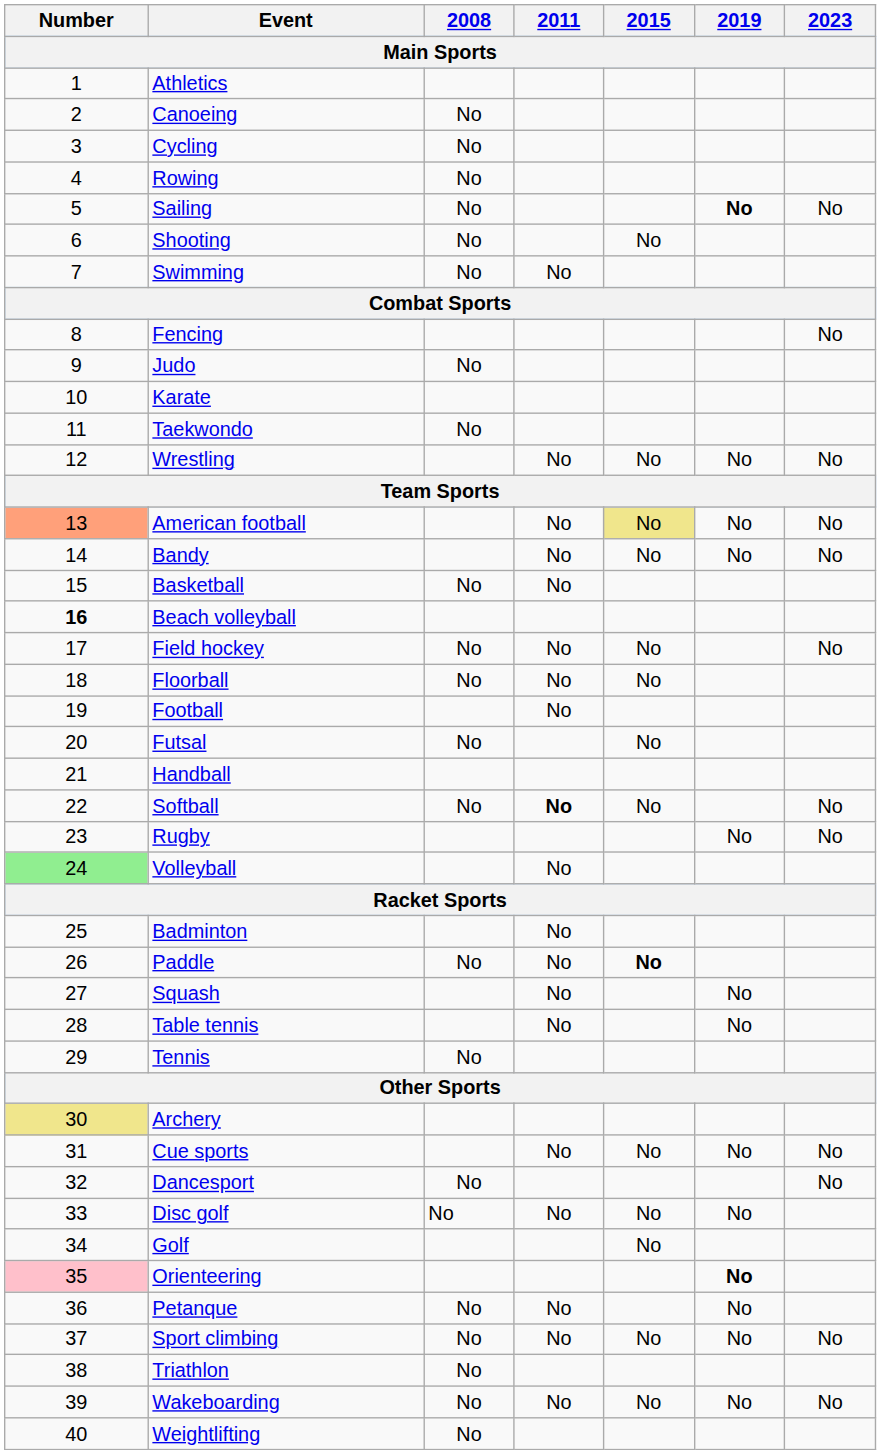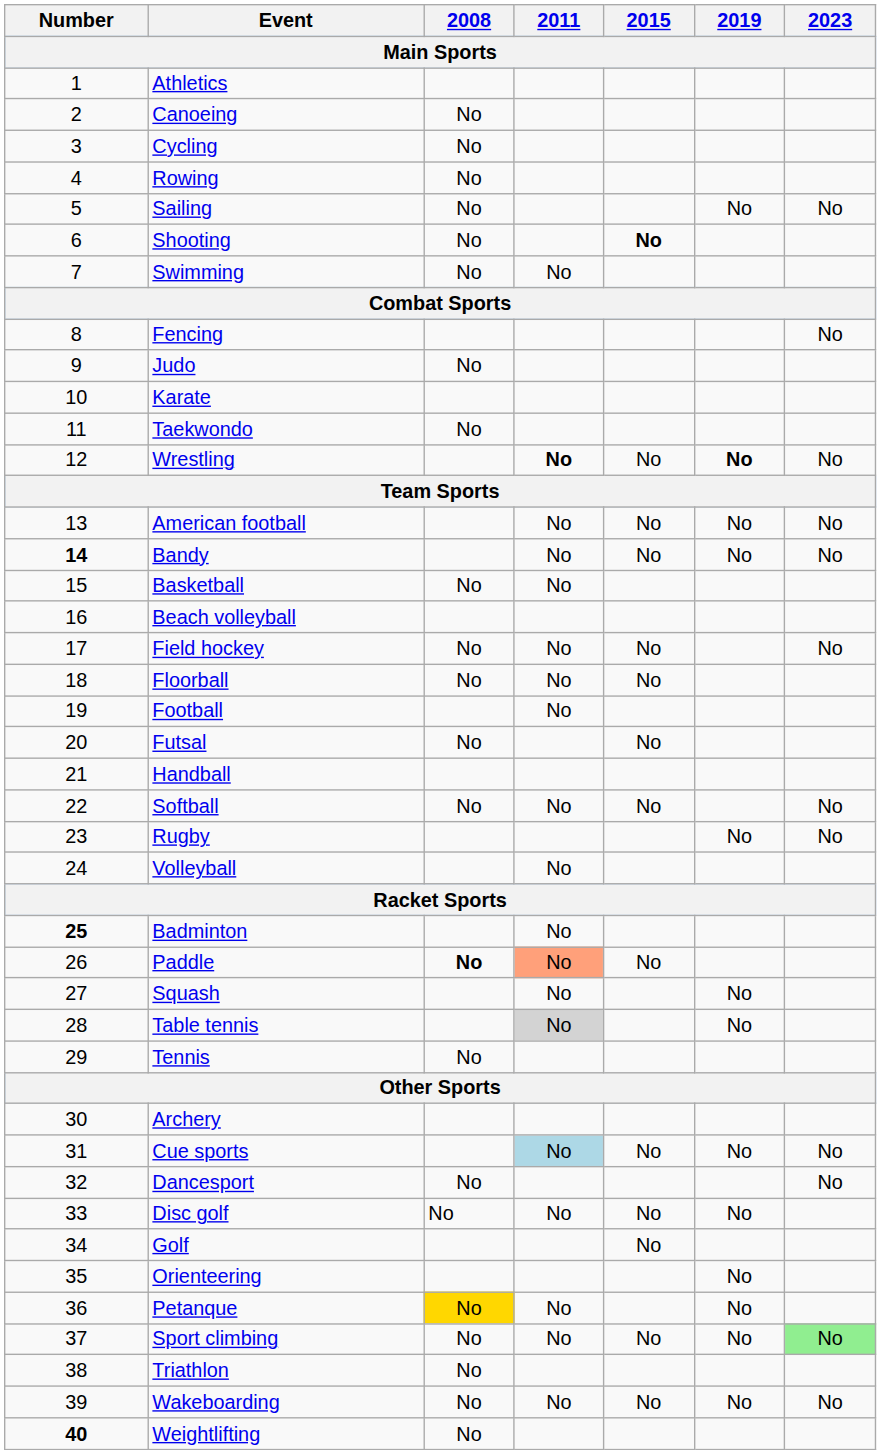 <table class="wikitable sortable" width=50% style="font-size:90%; text-align:left;">
 <tr>
 <th>Number</th>
 <th>Event</th>
 <th><a href='#'>2008</a></th>
 <th><a href='#'>2011</a></th>
 <th><a href='#'>2015</a></th>
 <th><a href='#'>2019</a></th>
 <th><a href='#'>2023</a></th>
 </tr>
 <tr style="background:#9acdff;">
 <th colspan=7>Main Sports</th>
 </tr>
 <tr>
 <td align=center>1</td>
 <td><a href='#'>Athletics</a></td>
 <td></td>
 <td></td>
 <td></td>
 <td></td>
 <td></td>
 </tr>
 <tr>
 <td align=center>2</td>
 <td><a href='#'>Canoeing</a></td>
 <td align=center>No</td>
 <td></td>
 <td></td>
 <td></td>
 <td></td>
 </tr>
 <tr>
 <td align=center>3</td>
 <td><a href='#'>Cycling</a></td>
 <td align=center>No</td>
 <td></td>
 <td></td>
 <td></td>
 <td></td>
 </tr>
 <tr>
 <td align=center>4</td>
 <td><a href='#'>Rowing</a></td>
 <td align=center>No</td>
 <td></td>
 <td></td>
 <td></td>
 <td></td>
 </tr>
 <tr>
 <td align=center>5</td>
 <td><a href='#'>Sailing</a></td>
 <td align=center>No</td>
 <td></td>
 <td></td>
-<td align=center><strong>No</strong></td>
+<td align=center>No</td>
 <td align=center>No</td>
 </tr>
 <tr>
 <td align=center>6</td>
 <td><a href='#'>Shooting</a></td>
 <td align=center>No</td>
 <td></td>
-<td align=center>No</td>
+<td align=center><strong>No</strong></td>
 <td></td>
 <td></td>
 </tr>
 <tr>
 <td align=center>7</td>
 <td><a href='#'>Swimming</a></td>
 <td align=center>No</td>
 <td align=center>No</td>
 <td></td>
 <td></td>
 <td></td>
 </tr>
 <tr style="background:#9acdff;">
 <th colspan=7>Combat Sports</th>
 </tr>
 <tr>
 <td align=center>8</td>
 <td><a href='#'>Fencing</a></td>
 <td></td>
 <td></td>
 <td></td>
 <td></td>
 <td align=center>No</td>
 </tr>
 <tr>
 <td align=center>9</td>
 <td><a href='#'>Judo</a></td>
 <td align=center>No</td>
 <td></td>
 <td></td>
 <td></td>
 <td></td>
 </tr>
 <tr>
 <td align=center>10</td>
 <td><a href='#'>Karate</a></td>
 <td></td>
 <td></td>
 <td></td>
 <td></td>
 <td></td>
 </tr>
 <tr>
 <td align=center>11</td>
 <td><a href='#'>Taekwondo</a></td>
 <td align=center>No</td>
 <td></td>
 <td></td>
 <td></td>
 <td></td>
 </tr>
 <tr>
 <td align=center>12</td>
 <td><a href='#'>Wrestling</a></td>
 <td></td>
+<td align=center><strong>No</strong></td>
 <td align=center>No</td>
-<td align=center>No</td>
-<td align=center>No</td>
+<td align=center><strong>No</strong></td>
 <td align=center>No</td>
 </tr>
 <tr style="background:#9acdff;">
 <th colspan=7>Team Sports</th>
 </tr>
 <tr>
-<td align=center style="background: lightsalmon;">13</td>
+<td align=center>13</td>
 <td><a href='#'>American football</a></td>
 <td></td>
 <td align=center>No</td>
-<td align=center style="background: khaki;">No</td>
+<td align=center>No</td>
 <td align=center>No</td>
 <td align=center>No</td>
 </tr>
 <tr>
-<td align=center>14</td>
+<td align=center><strong>14</strong></td>
 <td><a href='#'>Bandy</a></td>
 <td></td>
 <td align=center>No</td>
 <td align=center>No</td>
 <td align=center>No</td>
 <td align=center>No</td>
 </tr>
 <tr>
 <td align=center>15</td>
 <td><a href='#'>Basketball</a></td>
 <td align=center>No</td>
 <td align=center>No</td>
 <td></td>
 <td></td>
 <td></td>
 </tr>
 <tr>
-<td align=center><strong>16</strong></td>
+<td align=center>16</td>
 <td><a href='#'>Beach volleyball</a></td>
 <td></td>
 <td></td>
 <td></td>
 <td></td>
 <td></td>
 </tr>
 <tr>
 <td align=center>17</td>
 <td><a href='#'>Field hockey</a></td>
 <td align=center>No</td>
 <td align=center>No</td>
 <td align=center>No</td>
 <td></td>
 <td align=center>No</td>
 </tr>
 <tr>
 <td align=center>18</td>
 <td><a href='#'>Floorball</a></td>
 <td align=center>No</td>
 <td align=center>No</td>
 <td align=center>No</td>
 <td></td>
 <td></td>
 </tr>
 <tr>
 <td align=center>19</td>
 <td><a href='#'>Football</a></td>
 <td></td>
 <td align=center>No</td>
 <td></td>
 <td></td>
 <td></td>
 </tr>
 <tr>
 <td align=center>20</td>
 <td><a href='#'>Futsal</a></td>
 <td align=center>No</td>
 <td></td>
 <td align=center>No</td>
 <td></td>
 <td></td>
 </tr>
 <tr>
 <td align=center>21</td>
 <td><a href='#'>Handball</a></td>
 <td></td>
 <td></td>
 <td></td>
 <td></td>
 <td></td>
 </tr>
 <tr>
 <td align=center>22</td>
 <td><a href='#'>Softball</a></td>
 <td align=center>No</td>
-<td align=center><strong>No</strong></td>
+<td align=center>No</td>
 <td align=center>No</td>
 <td></td>
 <td align=center>No</td>
 </tr>
 <tr>
 <td align=center>23</td>
 <td><a href='#'>Rugby</a></td>
 <td></td>
 <td></td>
 <td></td>
 <td align=center>No</td>
 <td align=center>No</td>
 </tr>
 <tr>
-<td align=center style="background: lightgreen;">24</td>
+<td align=center>24</td>
 <td><a href='#'>Volleyball</a></td>
 <td></td>
 <td align=center>No</td>
 <td></td>
 <td></td>
 <td></td>
 </tr>
 <tr style="background:#9acdff;">
 <th colspan=7>Racket Sports</th>
 </tr>
 <tr>
-<td align=center>25</td>
+<td align=center><strong>25</strong></td>
 <td><a href='#'>Badminton</a></td>
 <td></td>
 <td align=center>No</td>
 <td></td>
 <td></td>
 <td></td>
 </tr>
 <tr>
 <td align=center>26</td>
 <td><a href='#'>Paddle</a></td>
+<td align=center><strong>No</strong></td>
+<td align=center style="background: lightsalmon;">No</td>
 <td align=center>No</td>
-<td align=center>No</td>
-<td align=center><strong>No</strong></td>
 <td></td>
 <td></td>
 </tr>
 <tr>
 <td align=center>27</td>
 <td><a href='#'>Squash</a></td>
 <td></td>
 <td align=center>No</td>
 <td></td>
 <td align=center>No</td>
 <td></td>
 </tr>
 <tr>
 <td align=center>28</td>
 <td><a href='#'>Table tennis</a></td>
 <td></td>
-<td align=center>No</td>
+<td align=center style="background: lightgrey;">No</td>
 <td></td>
 <td align=center>No</td>
 <td></td>
 </tr>
 <tr>
 <td align=center>29</td>
 <td><a href='#'>Tennis</a></td>
 <td align=center>No</td>
 <td></td>
 <td></td>
 <td></td>
 <td></td>
 </tr>
 <tr style="background:#9acdff;">
 <th colspan=7>Other Sports</th>
 </tr>
 <tr>
-<td align=center style="background: khaki;">30</td>
+<td align=center>30</td>
 <td><a href='#'>Archery</a></td>
 <td></td>
 <td></td>
 <td></td>
 <td></td>
 <td></td>
 </tr>
 <tr>
 <td align=center>31</td>
 <td><a href='#'>Cue sports</a></td>
 <td></td>
-<td align=center>No</td>
+<td align=center style="background: lightblue;">No</td>
 <td align=center>No</td>
 <td align=center>No</td>
 <td align=center>No</td>
 </tr>
 <tr>
 <td align=center>32</td>
 <td><a href='#'>Dancesport</a></td>
 <td align=center>No</td>
 <td></td>
 <td></td>
 <td></td>
 <td align=center>No</td>
 </tr>
 <tr>
 <td align=center>33</td>
 <td><a href='#'>Disc golf</a></td>
 <td {align=center>No</td>
 <td align=center>No</td>
 <td align=center>No</td>
 <td align=center>No</td>
 <td></td>
 </tr>
 <tr>
 <td align=center>34</td>
 <td><a href='#'>Golf</a></td>
 <td></td>
 <td></td>
 <td align=center>No</td>
 <td></td>
 <td></td>
 </tr>
 <tr>
-<td align=center style="background: pink;">35</td>
+<td align=center>35</td>
 <td><a href='#'>Orienteering</a></td>
 <td></td>
 <td></td>
 <td></td>
-<td align=center><strong>No</strong></td>
+<td align=center>No</td>
 <td></td>
 </tr>
 <tr>
 <td align=center>36</td>
 <td><a href='#'>Petanque</a></td>
-<td align=center>No</td>
+<td align=center style="background: gold;">No</td>
 <td align=center>No</td>
 <td></td>
 <td align=center>No</td>
 <td></td>
 </tr>
 <tr>
 <td align=center>37</td>
 <td><a href='#'>Sport climbing</a></td>
 <td align=center>No</td>
 <td align=center>No</td>
 <td align=center>No</td>
 <td align=center>No</td>
-<td align=center>No</td>
+<td align=center style="background: lightgreen;">No</td>
 </tr>
 <tr>
 <td align=center>38</td>
 <td><a href='#'>Triathlon</a></td>
 <td align=center>No</td>
 <td></td>
 <td></td>
 <td></td>
 <td></td>
 </tr>
 <tr>
 <td align=center>39</td>
 <td><a href='#'>Wakeboarding</a></td>
 <td align=center>No</td>
 <td align=center>No</td>
 <td align=center>No</td>
 <td align=center>No</td>
 <td align=center>No</td>
 </tr>
 <tr>
-<td align=center>40</td>
+<td align=center><strong>40</strong></td>
 <td><a href='#'>Weightlifting</a></td>
 <td align=center>No</td>
 <td></td>
 <td></td>
 <td></td>
 <td></td>
 </tr>
 </table>
